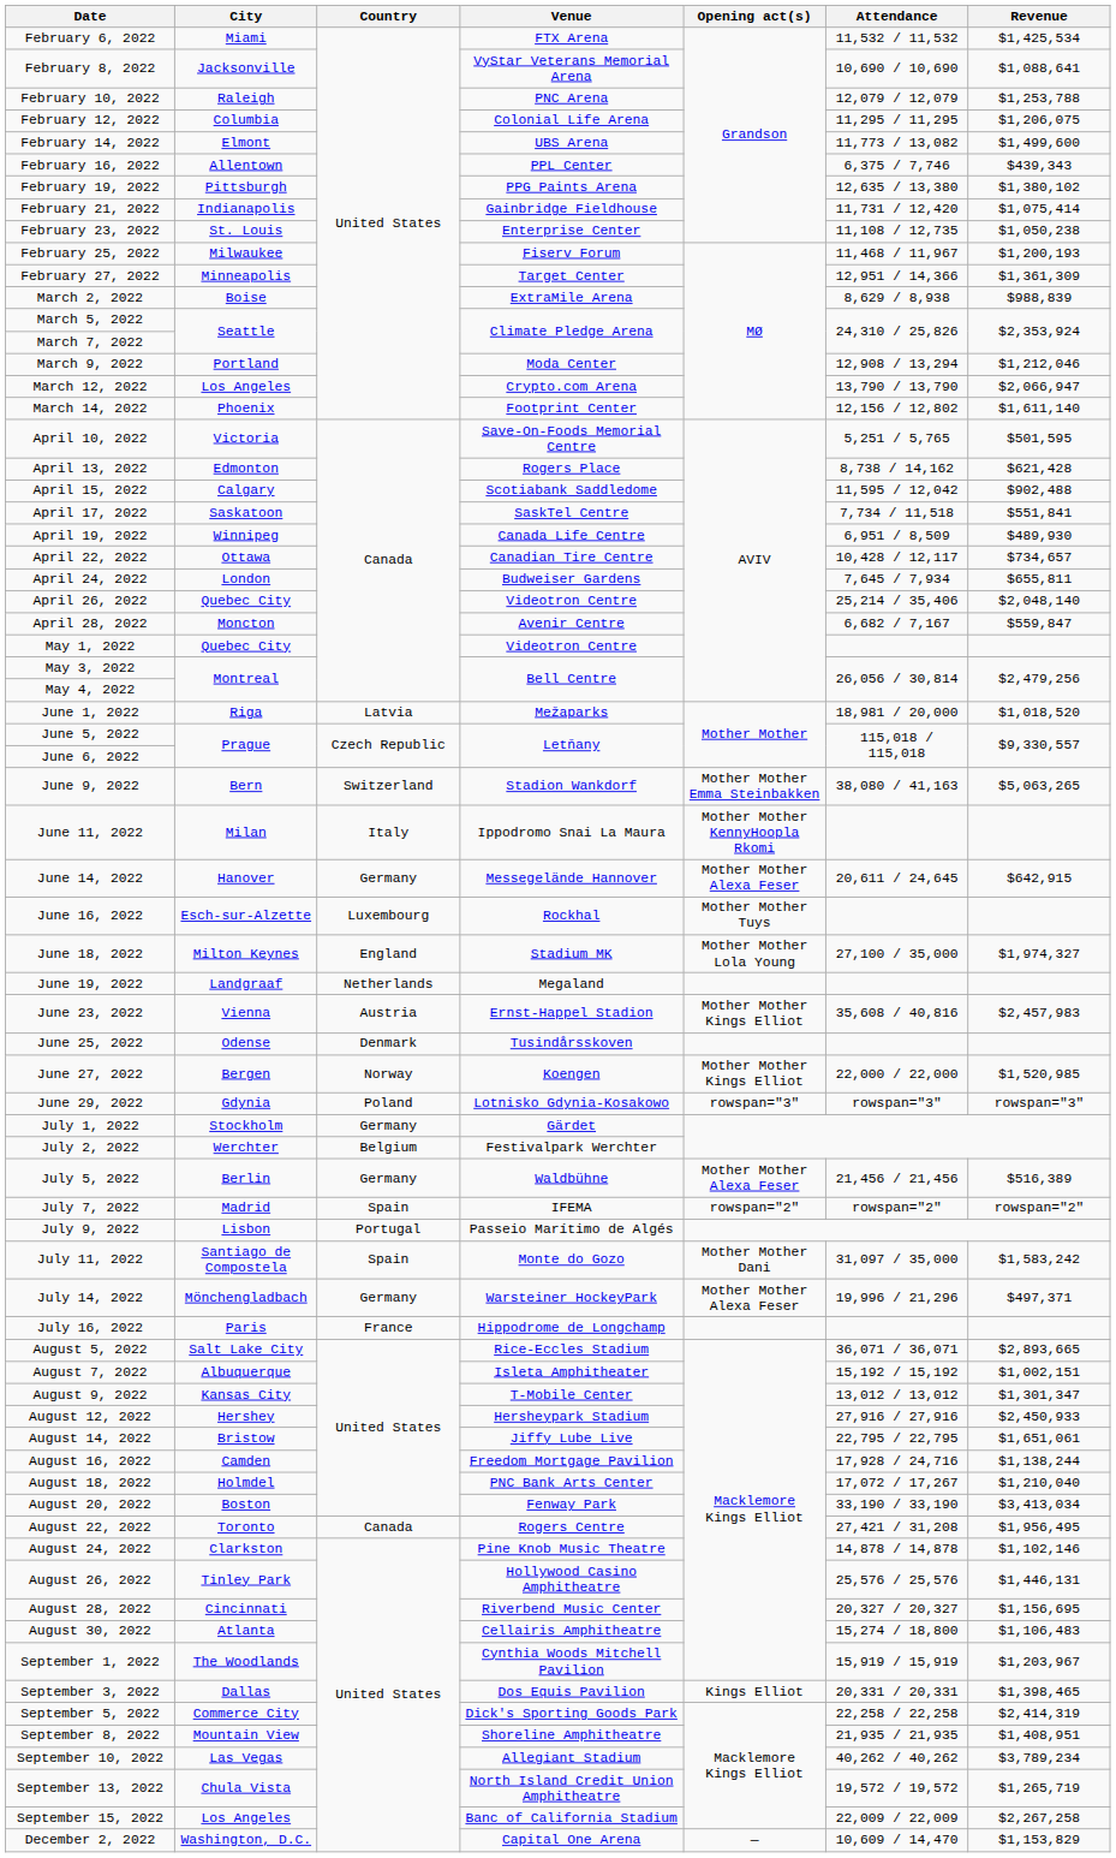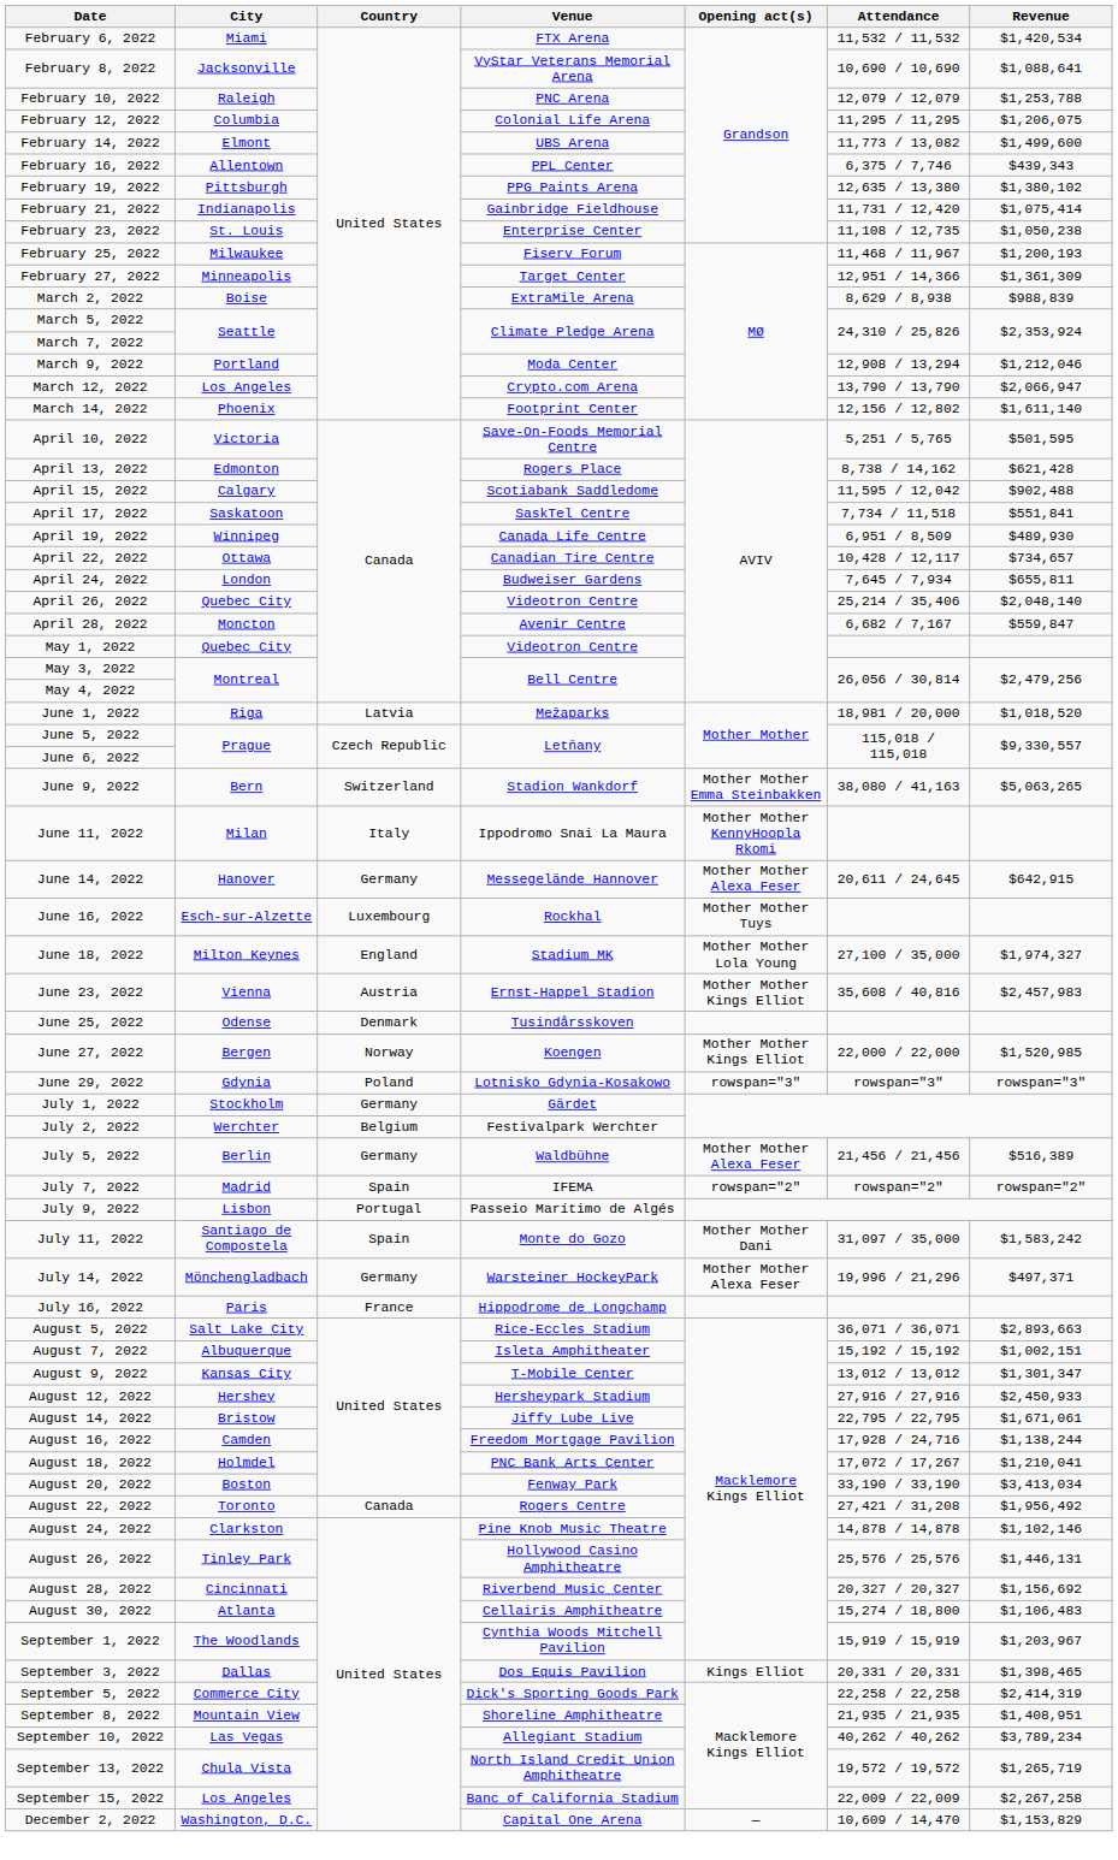 <table class="wikitable plainrowheaders" style="text-align:center;">
 <tr>
 <th cope="col" style="width:12em;">Date</th>
 <th scope="col" style="width:10em;">City</th>
 <th scope="col" style="width:10em;">Country</th>
 <th scope="col" style="width:16em;">Venue</th>
 <th scope="col" style="width:10em;">Opening act(s)</th>
 <th scope="col" style="width:10em;">Attendance</th>
 <th scope="col" style="width:10em;">Revenue</th>
 </tr>
 <tr>
 <td>February 6, 2022</td>
 <td><a href='#'>Miami</a></td>
 <td rowspan="17">United States</td>
 <td><a href='#'>FTX Arena</a></td>
 <td rowspan="9"><a href='#'>Grandson</a></td>
 <td>11,532 / 11,532</td>
-<td>$1,425,534</td>
+<td>$1,420,534</td>
 </tr>
 <tr>
 <td>February 8, 2022</td>
 <td><a href='#'>Jacksonville</a></td>
 <td><a href='#'>VyStar Veterans Memorial Arena</a></td>
 <td>10,690 / 10,690</td>
 <td>$1,088,641</td>
 </tr>
 <tr>
 <td>February 10, 2022</td>
 <td><a href='#'>Raleigh</a></td>
 <td><a href='#'>PNC Arena</a></td>
 <td>12,079 / 12,079</td>
 <td>$1,253,788</td>
 </tr>
 <tr>
 <td>February 12, 2022</td>
 <td><a href='#'>Columbia</a></td>
 <td><a href='#'>Colonial Life Arena</a></td>
 <td>11,295 / 11,295</td>
 <td>$1,206,075</td>
 </tr>
 <tr>
 <td>February 14, 2022</td>
 <td><a href='#'>Elmont</a></td>
 <td><a href='#'>UBS Arena</a></td>
 <td>11,773 / 13,082</td>
 <td>$1,499,600</td>
 </tr>
 <tr>
 <td>February 16, 2022</td>
 <td><a href='#'>Allentown</a></td>
 <td><a href='#'>PPL Center</a></td>
 <td>6,375 / 7,746</td>
 <td>$439,343</td>
 </tr>
 <tr>
 <td>February 19, 2022</td>
 <td><a href='#'>Pittsburgh</a></td>
 <td><a href='#'>PPG Paints Arena</a></td>
 <td>12,635 / 13,380</td>
 <td>$1,380,102</td>
 </tr>
 <tr>
 <td>February 21, 2022</td>
 <td><a href='#'>Indianapolis</a></td>
 <td><a href='#'>Gainbridge Fieldhouse</a></td>
 <td>11,731 / 12,420</td>
 <td>$1,075,414</td>
 </tr>
 <tr>
 <td>February 23, 2022</td>
 <td><a href='#'>St. Louis</a></td>
 <td><a href='#'>Enterprise Center</a></td>
 <td>11,108 / 12,735</td>
 <td>$1,050,238</td>
 </tr>
 <tr>
 <td>February 25, 2022</td>
 <td><a href='#'>Milwaukee</a></td>
 <td><a href='#'>Fiserv Forum</a></td>
 <td rowspan="8"><a href='#'>MØ</a></td>
 <td>11,468 / 11,967</td>
 <td>$1,200,193</td>
 </tr>
 <tr>
 <td>February 27, 2022</td>
 <td><a href='#'>Minneapolis</a></td>
 <td><a href='#'>Target Center</a></td>
 <td>12,951 / 14,366</td>
 <td>$1,361,309</td>
 </tr>
 <tr>
 <td>March 2, 2022</td>
 <td><a href='#'>Boise</a></td>
 <td><a href='#'>ExtraMile Arena</a></td>
 <td>8,629 / 8,938</td>
 <td>$988,839</td>
 </tr>
 <tr>
 <td>March 5, 2022</td>
 <td rowspan="2"><a href='#'>Seattle</a></td>
 <td rowspan="2"><a href='#'>Climate Pledge Arena</a></td>
 <td rowspan="2">24,310 / 25,826</td>
 <td rowspan="2">$2,353,924</td>
 </tr>
 <tr>
 <td>March 7, 2022</td>
 </tr>
 <tr>
 <td>March 9, 2022</td>
 <td><a href='#'>Portland</a></td>
 <td><a href='#'>Moda Center</a></td>
 <td>12,908 / 13,294</td>
 <td>$1,212,046</td>
 </tr>
 <tr>
 <td>March 12, 2022</td>
 <td><a href='#'>Los Angeles</a></td>
 <td><a href='#'>Crypto.com Arena</a></td>
 <td>13,790 / 13,790</td>
 <td>$2,066,947</td>
 </tr>
 <tr>
 <td>March 14, 2022</td>
 <td><a href='#'>Phoenix</a></td>
 <td><a href='#'>Footprint Center</a></td>
 <td>12,156 / 12,802</td>
 <td>$1,611,140</td>
 </tr>
 <tr>
 <td>April 10, 2022</td>
 <td><a href='#'>Victoria</a></td>
 <td rowspan="12">Canada</td>
 <td><a href='#'>Save-On-Foods Memorial Centre</a></td>
 <td rowspan="12">AVIV</td>
 <td>5,251 / 5,765</td>
 <td>$501,595</td>
 </tr>
 <tr>
 <td>April 13, 2022</td>
 <td><a href='#'>Edmonton</a></td>
 <td><a href='#'>Rogers Place</a></td>
 <td>8,738 / 14,162</td>
 <td>$621,428</td>
 </tr>
 <tr>
 <td>April 15, 2022</td>
 <td><a href='#'>Calgary</a></td>
 <td><a href='#'>Scotiabank Saddledome</a></td>
 <td>11,595 / 12,042</td>
 <td>$902,488</td>
 </tr>
 <tr>
 <td>April 17, 2022</td>
 <td><a href='#'>Saskatoon</a></td>
 <td><a href='#'>SaskTel Centre</a></td>
 <td>7,734 / 11,518</td>
 <td>$551,841</td>
 </tr>
 <tr>
 <td>April 19, 2022</td>
 <td><a href='#'>Winnipeg</a></td>
 <td><a href='#'>Canada Life Centre</a></td>
 <td>6,951 / 8,509</td>
 <td>$489,930</td>
 </tr>
 <tr>
 <td>April 22, 2022</td>
 <td><a href='#'>Ottawa</a></td>
 <td><a href='#'>Canadian Tire Centre</a></td>
 <td>10,428 / 12,117</td>
 <td>$734,657</td>
 </tr>
 <tr>
 <td>April 24, 2022</td>
 <td><a href='#'>London</a></td>
 <td><a href='#'>Budweiser Gardens</a></td>
 <td>7,645 / 7,934</td>
 <td>$655,811</td>
 </tr>
 <tr>
 <td>April 26, 2022</td>
 <td rowspan="1"><a href='#'>Quebec City</a></td>
 <td rowspan="1"><a href='#'>Videotron Centre</a></td>
 <td rowspan="1">25,214 / 35,406</td>
 <td rowspan="1">$2,048,140</td>
 </tr>
 <tr>
 <td>April 28, 2022</td>
 <td><a href='#'>Moncton</a></td>
 <td><a href='#'>Avenir Centre</a></td>
 <td>6,682 / 7,167</td>
 <td>$559,847</td>
 </tr>
 <tr>
 <td>May 1, 2022</td>
 <td><a href='#'>Quebec City</a></td>
 <td><a href='#'>Videotron Centre</a></td>
 <td></td>
 <td></td>
 </tr>
 <tr>
 <td>May 3, 2022</td>
 <td rowspan="2"><a href='#'>Montreal</a></td>
 <td rowspan="2"><a href='#'>Bell Centre</a></td>
 <td rowspan="2">26,056 / 30,814</td>
 <td rowspan="2">$2,479,256</td>
 </tr>
 <tr>
 <td>May 4, 2022</td>
 </tr>
 <tr>
 <td>June 1, 2022</td>
 <td><a href='#'>Riga</a></td>
 <td>Latvia</td>
 <td><a href='#'>Mežaparks</a></td>
 <td rowspan="3"><a href='#'>Mother Mother</a><br></td>
 <td>18,981 / 20,000</td>
 <td>$1,018,520</td>
 </tr>
 <tr>
 <td>June 5, 2022</td>
 <td rowspan="2"><a href='#'>Prague</a></td>
 <td rowspan="2">Czech Republic</td>
 <td rowspan="2"><a href='#'>Letňany</a></td>
 <td rowspan="2">115,018 / 115,018</td>
 <td rowspan="2">$9,330,557</td>
 </tr>
 <tr>
 <td>June 6, 2022</td>
 </tr>
 <tr>
 <td>June 9, 2022</td>
 <td><a href='#'>Bern</a></td>
 <td>Switzerland</td>
 <td><a href='#'>Stadion Wankdorf</a></td>
 <td>Mother Mother<br><a href='#'>Emma Steinbakken</a></td>
 <td>38,080 / 41,163</td>
 <td>$5,063,265</td>
 </tr>
 <tr>
 <td>June 11, 2022</td>
 <td><a href='#'>Milan</a></td>
 <td>Italy</td>
 <td>Ippodromo Snai La Maura</td>
 <td>Mother Mother<br><a href='#'>KennyHoopla</a><br><a href='#'>Rkomi</a></td>
 <td></td>
 <td></td>
 </tr>
 <tr>
 <td>June 14, 2022</td>
 <td><a href='#'>Hanover</a></td>
 <td>Germany</td>
 <td><a href='#'>Messegelände Hannover</a></td>
 <td>Mother Mother<br><a href='#'>Alexa Feser</a></td>
 <td>20,611 / 24,645</td>
 <td>$642,915</td>
 </tr>
 <tr>
 <td>June 16, 2022</td>
 <td><a href='#'>Esch-sur-Alzette</a></td>
 <td>Luxembourg</td>
 <td><a href='#'>Rockhal</a></td>
 <td>Mother Mother<br>Tuys</td>
 <td></td>
 <td></td>
 </tr>
 <tr>
 <td>June 18, 2022</td>
 <td><a href='#'>Milton Keynes</a></td>
 <td>England</td>
 <td><a href='#'>Stadium MK</a></td>
 <td>Mother Mother<br>Lola Young</td>
 <td>27,100 / 35,000</td>
 <td>$1,974,327</td>
 </tr>
 <tr>
-<td>June 19, 2022</td>
-<td><a href='#'>Landgraaf</a></td>
-<td>Netherlands</td>
-<td>Megaland</td>
-<td></td>
-<td></td>
-<td></td>
-</tr>
-<tr>
 <td>June 23, 2022</td>
 <td><a href='#'>Vienna</a></td>
 <td>Austria</td>
 <td><a href='#'>Ernst-Happel Stadion</a></td>
 <td>Mother Mother<br>Kings Elliot</td>
 <td>35,608 / 40,816</td>
 <td>$2,457,983</td>
 </tr>
 <tr>
 <td>June 25, 2022</td>
 <td><a href='#'>Odense</a></td>
 <td>Denmark</td>
 <td><a href='#'>Tusindårsskoven</a></td>
 <td></td>
 <td></td>
 <td></td>
 </tr>
 <tr>
 <td>June 27, 2022</td>
 <td><a href='#'>Bergen</a></td>
 <td>Norway</td>
 <td><a href='#'>Koengen</a></td>
 <td>Mother Mother<br>Kings Elliot</td>
 <td>22,000 / 22,000</td>
 <td>$1,520,985</td>
 </tr>
 <tr>
 <td>June 29, 2022</td>
 <td><a href='#'>Gdynia</a></td>
 <td>Poland</td>
 <td><a href='#'>Lotnisko Gdynia-Kosakowo</a></td>
 <td>rowspan="3" </td>
 <td>rowspan="3" </td>
 <td>rowspan="3" </td>
 </tr>
 <tr>
 <td>July 1, 2022</td>
 <td><a href='#'>Stockholm</a></td>
 <td>Germany</td>
 <td><a href='#'>Gärdet</a></td>
 </tr>
 <tr>
 <td>July 2, 2022</td>
 <td><a href='#'>Werchter</a></td>
 <td>Belgium</td>
 <td>Festivalpark Werchter</td>
 </tr>
 <tr>
 <td>July 5, 2022</td>
 <td><a href='#'>Berlin</a></td>
 <td>Germany</td>
 <td><a href='#'>Waldbühne</a></td>
 <td>Mother Mother<br><a href='#'>Alexa Feser</a></td>
 <td>21,456 / 21,456</td>
 <td>$516,389</td>
 </tr>
 <tr>
 <td>July 7, 2022</td>
 <td><a href='#'>Madrid</a></td>
 <td>Spain</td>
 <td>IFEMA</td>
 <td>rowspan="2" </td>
 <td>rowspan="2" </td>
 <td>rowspan="2" </td>
 </tr>
 <tr>
 <td>July 9, 2022</td>
 <td><a href='#'>Lisbon</a></td>
 <td>Portugal</td>
 <td>Passeio Marítimo de Algés</td>
 </tr>
 <tr>
 <td>July 11, 2022</td>
 <td><a href='#'>Santiago de Compostela</a></td>
 <td>Spain</td>
 <td><a href='#'>Monte do Gozo</a></td>
 <td>Mother Mother<br>Dani</td>
 <td>31,097 / 35,000</td>
 <td>$1,583,242</td>
 </tr>
 <tr>
 <td>July 14, 2022</td>
 <td><a href='#'>Mönchengladbach</a></td>
 <td>Germany</td>
 <td><a href='#'>Warsteiner HockeyPark</a></td>
 <td>Mother Mother<br>Alexa Feser</td>
 <td>19,996 / 21,296</td>
 <td>$497,371</td>
 </tr>
 <tr>
 <td>July 16, 2022</td>
 <td><a href='#'>Paris</a></td>
 <td>France</td>
 <td><a href='#'>Hippodrome de Longchamp</a></td>
 <td></td>
 <td></td>
 <td></td>
 </tr>
 <tr>
 <td>August 5, 2022</td>
 <td><a href='#'>Salt Lake City</a></td>
 <td rowspan="8">United States</td>
 <td><a href='#'>Rice-Eccles Stadium</a></td>
 <td rowspan="14"><a href='#'>Macklemore</a><br>Kings Elliot</td>
 <td>36,071 / 36,071</td>
-<td>$2,893,665</td>
+<td>$2,893,663</td>
 </tr>
 <tr>
 <td>August 7, 2022</td>
 <td><a href='#'>Albuquerque</a></td>
 <td><a href='#'>Isleta Amphitheater</a></td>
 <td>15,192 / 15,192</td>
 <td>$1,002,151</td>
 </tr>
 <tr>
 <td>August 9, 2022</td>
 <td><a href='#'>Kansas City</a></td>
 <td><a href='#'>T-Mobile Center</a></td>
 <td>13,012 / 13,012</td>
 <td>$1,301,347</td>
 </tr>
 <tr>
 <td>August 12, 2022</td>
 <td><a href='#'>Hershey</a></td>
 <td><a href='#'>Hersheypark Stadium</a></td>
 <td>27,916 / 27,916</td>
 <td>$2,450,933</td>
 </tr>
 <tr>
 <td>August 14, 2022</td>
 <td><a href='#'>Bristow</a></td>
 <td><a href='#'>Jiffy Lube Live</a></td>
 <td>22,795 / 22,795</td>
-<td>$1,651,061</td>
+<td>$1,671,061</td>
 </tr>
 <tr>
 <td>August 16, 2022</td>
 <td><a href='#'>Camden</a></td>
 <td><a href='#'>Freedom Mortgage Pavilion</a></td>
 <td>17,928 / 24,716</td>
 <td>$1,138,244</td>
 </tr>
 <tr>
 <td>August 18, 2022</td>
 <td><a href='#'>Holmdel</a></td>
 <td><a href='#'>PNC Bank Arts Center</a></td>
 <td>17,072 / 17,267</td>
-<td>$1,210,040</td>
+<td>$1,210,041</td>
 </tr>
 <tr>
 <td>August 20, 2022</td>
 <td><a href='#'>Boston</a></td>
 <td><a href='#'>Fenway Park</a></td>
 <td>33,190 / 33,190</td>
 <td>$3,413,034</td>
 </tr>
 <tr>
 <td>August 22, 2022</td>
 <td><a href='#'>Toronto</a></td>
 <td>Canada</td>
 <td><a href='#'>Rogers Centre</a></td>
 <td>27,421 / 31,208</td>
-<td>$1,956,495</td>
+<td>$1,956,492</td>
 </tr>
 <tr>
 <td>August 24, 2022</td>
 <td><a href='#'>Clarkston</a></td>
 <td rowspan="12">United States</td>
 <td><a href='#'>Pine Knob Music Theatre</a></td>
 <td>14,878 / 14,878</td>
 <td>$1,102,146</td>
 </tr>
 <tr>
 <td>August 26, 2022</td>
 <td><a href='#'>Tinley Park</a></td>
 <td><a href='#'>Hollywood Casino Amphitheatre</a></td>
 <td>25,576 / 25,576</td>
 <td>$1,446,131</td>
 </tr>
 <tr>
 <td>August 28, 2022</td>
 <td><a href='#'>Cincinnati</a></td>
 <td><a href='#'>Riverbend Music Center</a></td>
 <td>20,327 / 20,327</td>
-<td>$1,156,695</td>
+<td>$1,156,692</td>
 </tr>
 <tr>
 <td>August 30, 2022</td>
 <td><a href='#'>Atlanta</a></td>
 <td><a href='#'>Cellairis Amphitheatre</a></td>
 <td>15,274 / 18,800</td>
 <td>$1,106,483</td>
 </tr>
 <tr>
 <td>September 1, 2022</td>
 <td><a href='#'>The Woodlands</a></td>
 <td><a href='#'>Cynthia Woods Mitchell Pavilion</a></td>
 <td>15,919 / 15,919</td>
 <td>$1,203,967</td>
 </tr>
 <tr>
 <td>September 3, 2022</td>
 <td><a href='#'>Dallas</a></td>
 <td><a href='#'>Dos Equis Pavilion</a></td>
 <td>Kings Elliot</td>
 <td>20,331 / 20,331</td>
 <td>$1,398,465</td>
 </tr>
 <tr>
 <td>September 5, 2022</td>
 <td><a href='#'>Commerce City</a></td>
 <td><a href='#'>Dick's Sporting Goods Park</a></td>
 <td rowspan="5">Macklemore<br>Kings Elliot</td>
 <td>22,258 / 22,258</td>
 <td>$2,414,319</td>
 </tr>
 <tr>
 <td>September 8, 2022</td>
 <td><a href='#'>Mountain View</a></td>
 <td><a href='#'>Shoreline Amphitheatre</a></td>
 <td>21,935 / 21,935</td>
 <td>$1,408,951</td>
 </tr>
 <tr>
 <td>September 10, 2022</td>
 <td><a href='#'>Las Vegas</a></td>
 <td><a href='#'>Allegiant Stadium</a></td>
 <td>40,262 / 40,262</td>
 <td>$3,789,234</td>
 </tr>
 <tr>
 <td>September 13, 2022</td>
 <td><a href='#'>Chula Vista</a></td>
 <td><a href='#'>North Island Credit Union Amphitheatre</a></td>
 <td>19,572 / 19,572</td>
 <td>$1,265,719</td>
 </tr>
 <tr>
 <td>September 15, 2022</td>
 <td><a href='#'>Los Angeles</a></td>
 <td><a href='#'>Banc of California Stadium</a></td>
 <td>22,009 / 22,009</td>
 <td>$2,267,258</td>
 </tr>
 <tr>
 <td>December 2, 2022</td>
 <td><a href='#'>Washington, D.C.</a></td>
 <td><a href='#'>Capital One Arena</a></td>
 <td>—</td>
 <td>10,609 / 14,470</td>
 <td>$1,153,829</td>
 </tr>
 </table>
